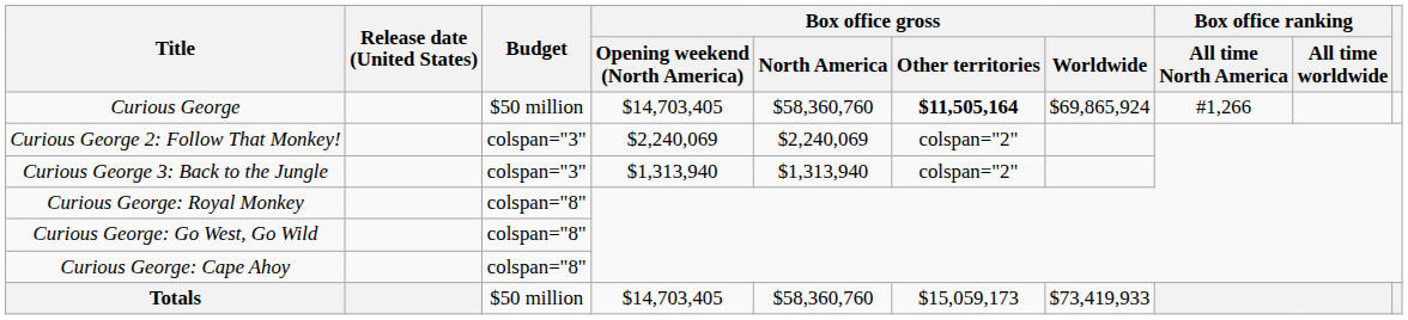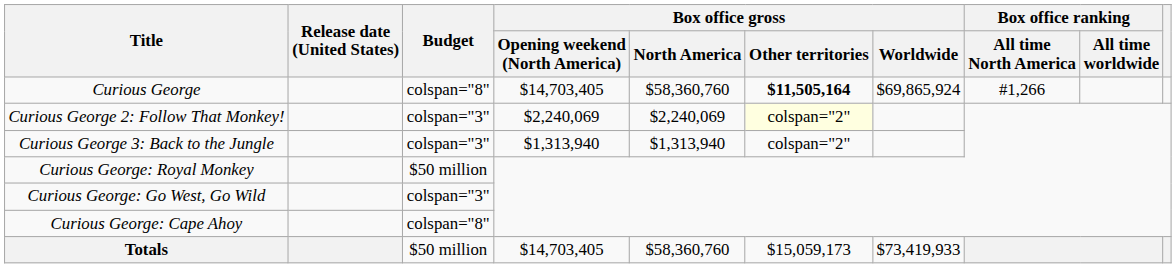 <table class="wikitable sortable" style="text-align: center;">
 <tr>
 <th rowspan="2">Title</th>
 <th rowspan="2">Release date<br>(United States)</th>
 <th rowspan="2">Budget</th>
 <th colspan="4">Box office gross</th>
 <th colspan="2">Box office ranking</th>
 <th rowspan="2" class="unsortable"></th>
 </tr>
 <tr>
 <th>Opening weekend<br>(North America)</th>
 <th>North America</th>
 <th>Other territories</th>
 <th>Worldwide</th>
 <th>All time<br>North America</th>
 <th>All time<br>worldwide</th>
 </tr>
 <tr>
 <td><em>Curious George</em></td>
 <td></td>
-<td>$50 million</td>
+<td>colspan="8" </td>
 <td>$14,703,405</td>
 <td>$58,360,760</td>
 <td><strong>$11,505,164</strong></td>
 <td>$69,865,924</td>
 <td>#1,266</td>
 <td></td>
 <td></td>
 </tr>
 <tr>
 <td><em>Curious George 2: Follow That Monkey!</em></td>
 <td></td>
 <td>colspan="3" </td>
 <td>$2,240,069</td>
 <td>$2,240,069</td>
-<td>colspan="2" </td>
+<td style="background: lightyellow;">colspan="2" </td>
 <td></td>
 </tr>
 <tr>
 <td><em>Curious George 3: Back to the Jungle</em></td>
 <td></td>
 <td>colspan="3" </td>
 <td>$1,313,940</td>
 <td>$1,313,940</td>
 <td>colspan="2" </td>
 <td></td>
 </tr>
 <tr>
 <td><em>Curious George: Royal Monkey</em></td>
 <td></td>
-<td>colspan="8" </td>
+<td>$50 million</td>
 </tr>
 <tr>
 <td><em>Curious George: Go West, Go Wild</em></td>
 <td></td>
-<td>colspan="8" </td>
+<td>colspan="3" </td>
 </tr>
 <tr>
 <td><em>Curious George: Cape Ahoy</em></td>
 <td></td>
 <td>colspan="8" </td>
 </tr>
 <tr>
 <th>Totals</th>
 <th rowspan="2"></th>
 <td>$50 million</td>
 <td>$14,703,405</td>
 <td>$58,360,760</td>
 <td>$15,059,173</td>
 <td>$73,419,933</td>
 <th ! rowspan="2" colspan="2"></th>
 <th rowspan=2></th>
 </tr>
 </table>
